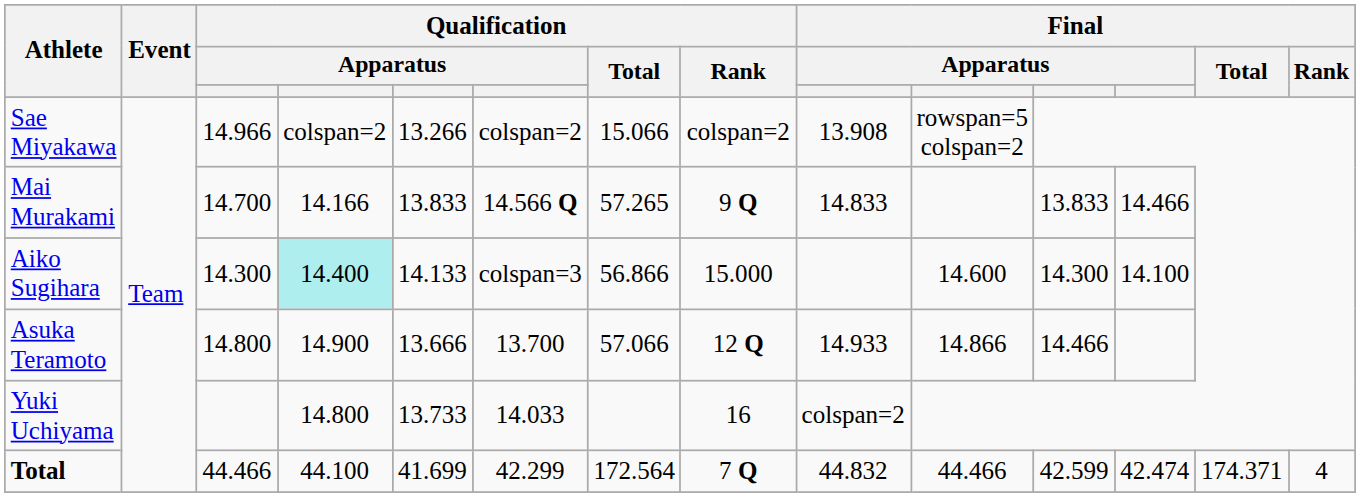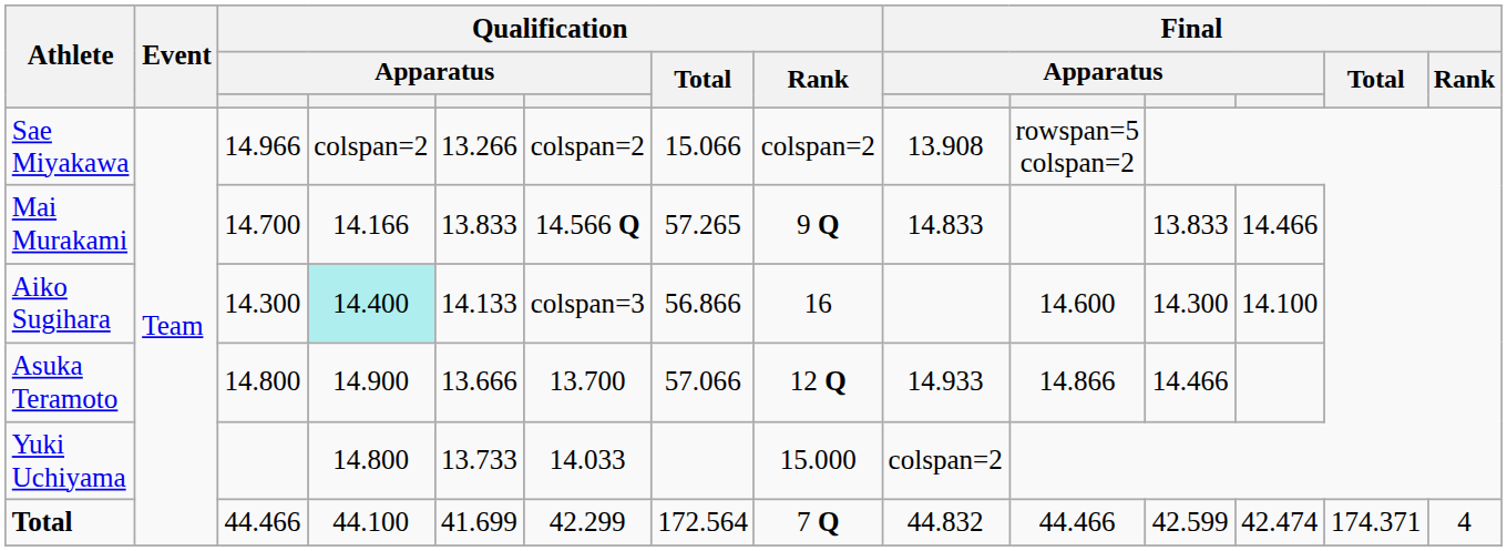 <table class="wikitable" style="font-size:90%">
 <tr>
 <th rowspan=3>Athlete</th>
 <th rowspan=3>Event</th>
 <th colspan=6>Qualification</th>
 <th colspan=6>Final</th>
 </tr>
 <tr style="font-size:95%">
 <th colspan=4>Apparatus</th>
 <th rowspan=2>Total</th>
 <th rowspan=2>Rank</th>
 <th colspan=4>Apparatus</th>
 <th rowspan=2>Total</th>
 <th rowspan=2>Rank</th>
 </tr>
 <tr style="font-size:95%">
 <th></th>
 <th></th>
 <th></th>
 <th></th>
 <th></th>
 <th></th>
 <th></th>
 <th></th>
 </tr>
 <tr align=center>
 <td align=left><a href='#'>Sae Miyakawa</a></td>
 <td align=left rowspan=6><a href='#'>Team</a></td>
 <td>14.966</td>
 <td>colspan=2 </td>
 <td>13.266</td>
 <td>colspan=2 </td>
 <td>15.066</td>
 <td>colspan=2 </td>
 <td>13.908</td>
 <td>rowspan=5 colspan=2 </td>
 </tr>
 <tr align=center>
 <td align=left><a href='#'>Mai Murakami</a></td>
 <td>14.700</td>
 <td>14.166</td>
 <td>13.833</td>
 <td>14.566 <strong>Q</strong></td>
 <td>57.265</td>
 <td>9 <strong>Q</strong></td>
 <td>14.833</td>
 <td></td>
 <td>13.833</td>
 <td>14.466</td>
 </tr>
 <tr align=center>
 <td align=left><a href='#'>Aiko Sugihara</a></td>
 <td>14.300</td>
 <td style="background: paleturquoise;">14.400</td>
 <td>14.133</td>
 <td>colspan=3 </td>
 <td>56.866</td>
-<td>15.000</td>
+<td>16</td>
 <td></td>
 <td>14.600</td>
 <td>14.300</td>
 <td>14.100</td>
 </tr>
 <tr align=center>
 <td align=left><a href='#'>Asuka Teramoto</a></td>
 <td>14.800</td>
 <td>14.900</td>
 <td>13.666</td>
 <td>13.700</td>
 <td>57.066</td>
 <td>12 <strong>Q</strong></td>
 <td>14.933</td>
 <td>14.866</td>
 <td>14.466</td>
 <td></td>
 </tr>
 <tr align=center>
 <td align=left><a href='#'>Yuki Uchiyama</a></td>
 <td></td>
 <td>14.800</td>
 <td>13.733</td>
 <td>14.033</td>
 <td></td>
-<td>16</td>
+<td>15.000</td>
 <td>colspan=2 </td>
 </tr>
 <tr align=center>
 <td align=left><strong>Total</strong></td>
 <td>44.466</td>
 <td>44.100</td>
 <td>41.699</td>
 <td>42.299</td>
 <td>172.564</td>
 <td>7 <strong>Q</strong></td>
 <td>44.832</td>
 <td>44.466</td>
 <td>42.599</td>
 <td>42.474</td>
 <td>174.371</td>
 <td>4</td>
 </tr>
 </table>
